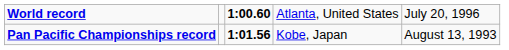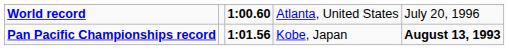 <table class="wikitable">
 <tr>
 <td><strong><a href='#'>World record</a></strong></td>
 <td></td>
 <td><strong>1:00.60</strong></td>
 <td><a href='#'>Atlanta</a>, United States</td>
 <td>July 20, 1996</td>
 </tr>
 <tr>
 <td><strong><a href='#'>Pan Pacific Championships record</a></strong></td>
 <td></td>
 <td><strong>1:01.56</strong></td>
 <td><a href='#'>Kobe</a>, Japan</td>
-<td>August 13, 1993</td>
+<td><strong>August 13, 1993</strong></td>
 </tr>
 </table>
